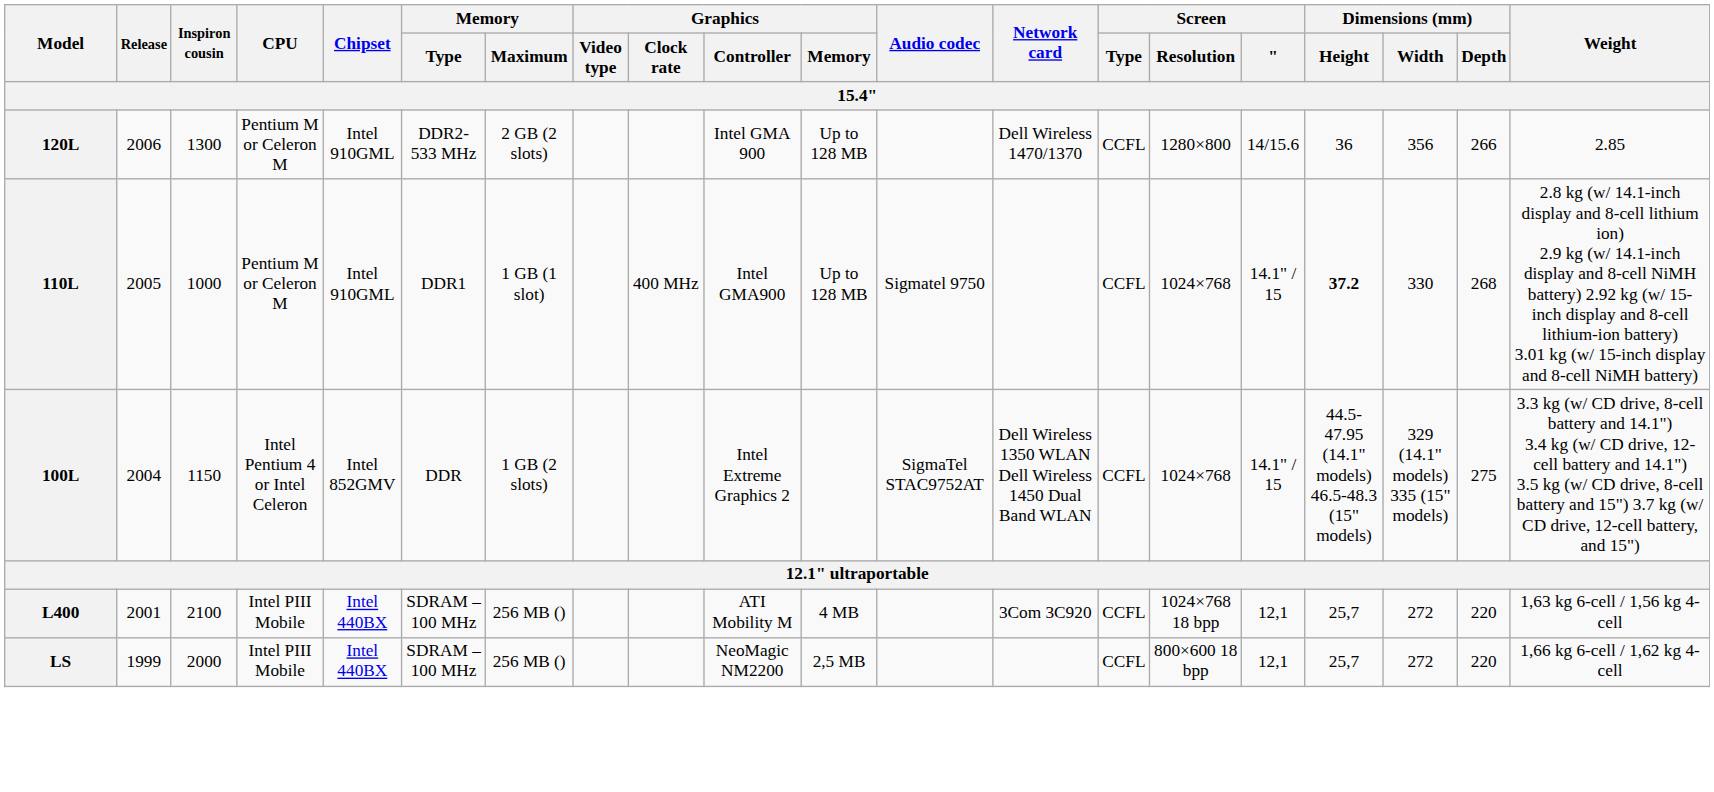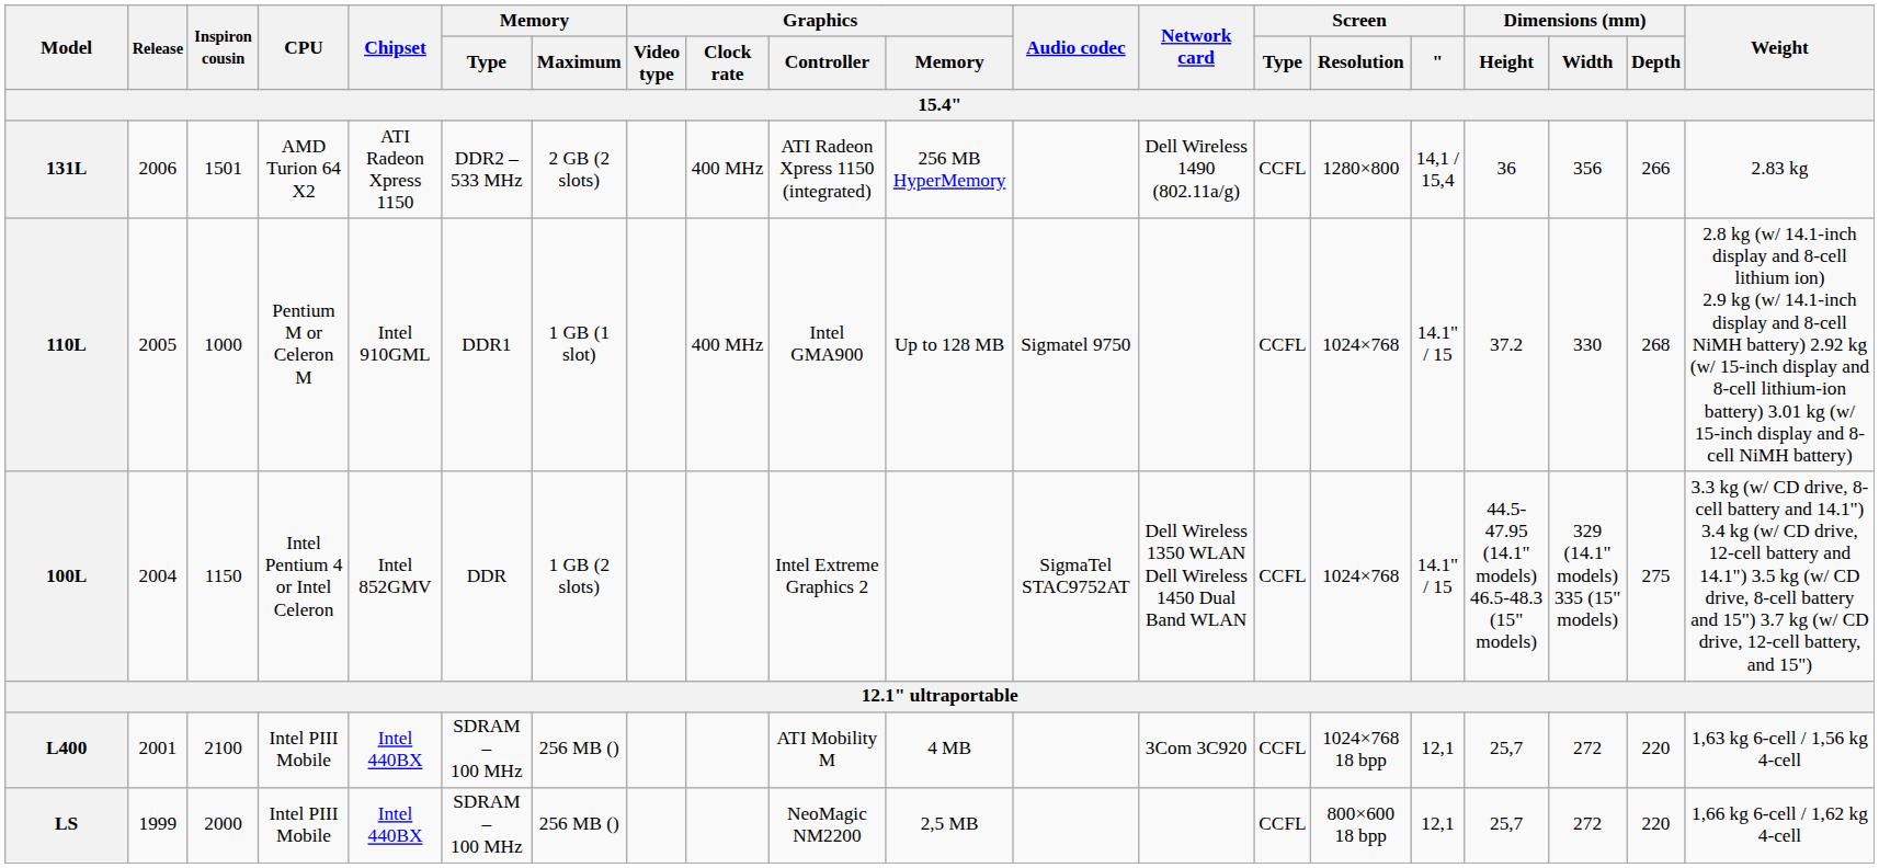 <table class="wikitable" style="font-size: 80%; text-align: center; width: 100%;">
 <tr>
 <th rowspan=2 style="width:6em">Model</th>
 <th rowspan=2><small>Release</small></th>
 <th rowspan=2><small>Inspiron cousin</small></th>
 <th rowspan=2>CPU</th>
 <th rowspan=2><a href='#'>Chipset</a></th>
 <th colspan=2>Memory</th>
 <th colspan=4>Graphics</th>
 <th rowspan=2><a href='#'>Audio codec</a></th>
 <th rowspan=2><a href='#'>Network card</a></th>
 <th colspan=3>Screen</th>
 <th colspan="3">Dimensions (mm)</th>
 <th rowspan="2">Weight</th>
 </tr>
 <tr>
 <th>Type</th>
 <th>Maximum</th>
 <th>Video type</th>
 <th>Clock rate</th>
 <th>Controller</th>
 <th>Memory</th>
 <th>Type</th>
 <th>Resolution</th>
 <th>"</th>
 <th>Height</th>
 <th>Width</th>
 <th>Depth</th>
 </tr>
 <tr>
 <th colspan="20">15.4"</th>
 </tr>
 <tr>
-<th>120L</th>
+<th>131L</th>
 <td>2006</td>
-<td>1300</td>
-<td>Pentium M or Celeron M</td>
-<td>Intel 910GML</td>
-<td>DDR2-533 MHz</td>
+<td>1501</td>
+<td>AMD Turion 64 X2</td>
+<td>ATI Radeon Xpress 1150</td>
+<td>DDR2 – 533 MHz</td>
 <td>2 GB (2 slots)</td>
 <td></td>
+<td>400 MHz</td>
+<td>ATI Radeon Xpress 1150 (integrated)</td>
+<td>256 MB <a href='#'>HyperMemory</a></td>
 <td></td>
-<td>Intel GMA 900</td>
-<td>Up to 128 MB</td>
-<td></td>
-<td>Dell Wireless 1470/1370</td>
+<td>Dell Wireless 1490 (802.11a/g)</td>
 <td>CCFL</td>
 <td>1280×800</td>
-<td>14/15.6</td>
+<td>14,1 / 15,4</td>
 <td>36</td>
 <td>356</td>
 <td>266</td>
-<td>2.85</td>
+<td>2.83 kg</td>
 </tr>
 <tr>
 <th>110L</th>
 <td>2005</td>
 <td>1000</td>
 <td>Pentium M or Celeron M</td>
 <td>Intel 910GML</td>
 <td>DDR1</td>
 <td>1 GB (1 slot)</td>
 <td></td>
 <td>400 MHz</td>
 <td>Intel GMA900</td>
 <td>Up to 128 MB</td>
 <td>Sigmatel 9750</td>
 <td></td>
 <td>CCFL</td>
 <td>1024×768</td>
 <td>14.1" / 15</td>
-<td><strong>37.2</strong></td>
+<td>37.2</td>
 <td>330</td>
 <td>268</td>
 <td>2.8 kg (w/ 14.1-inch display and 8-cell lithium ion)<br>2.9 kg (w/ 14.1-inch display and 8-cell NiMH battery) 2.92 kg (w/ 15-inch display and 8-cell lithium-ion battery) 3.01 kg (w/ 15-inch display and 8-cell NiMH battery)</td>
 </tr>
 <tr>
 <th>100L</th>
 <td>2004</td>
 <td>1150</td>
 <td>Intel Pentium 4 or Intel Celeron</td>
 <td>Intel 852GMV</td>
 <td>DDR</td>
 <td>1 GB (2 slots)</td>
 <td></td>
 <td></td>
 <td>Intel Extreme Graphics 2</td>
 <td></td>
 <td>SigmaTel STAC9752AT</td>
 <td>Dell Wireless 1350 WLAN<br>Dell Wireless 1450 Dual Band WLAN</td>
 <td>CCFL</td>
 <td>1024×768</td>
 <td>14.1" / 15</td>
 <td>44.5-47.95 (14.1" models)<br>46.5-48.3 (15" models)</td>
 <td>329 (14.1" models)<br>335 (15" models)</td>
 <td>275</td>
 <td>3.3 kg (w/ CD drive, 8-cell battery and 14.1")<br>3.4 kg (w/ CD drive, 12-cell battery and 14.1") 3.5 kg (w/ CD drive, 8-cell battery and 15") 3.7 kg (w/ CD drive, 12-cell battery, and 15")</td>
 </tr>
 <tr>
 <th colspan="20">12.1" ultraportable</th>
 </tr>
 <tr>
 <th>L400</th>
 <td>2001</td>
 <td>2100</td>
 <td>Intel PIII Mobile</td>
 <td><a href='#'>Intel 440BX</a></td>
 <td>SDRAM – 100 MHz</td>
 <td>256 MB ()</td>
 <td></td>
 <td></td>
 <td>ATI Mobility M</td>
 <td>4 MB</td>
 <td></td>
 <td>3Com 3C920</td>
 <td>CCFL</td>
 <td>1024×768 18 bpp</td>
 <td>12,1</td>
 <td>25,7</td>
 <td>272</td>
 <td>220</td>
 <td>1,63 kg 6-cell / 1,56 kg 4-cell</td>
 </tr>
 <tr>
 <th>LS</th>
 <td>1999</td>
 <td>2000</td>
 <td>Intel PIII Mobile</td>
 <td><a href='#'>Intel 440BX</a></td>
 <td>SDRAM – 100 MHz</td>
 <td>256 MB ()</td>
 <td></td>
 <td></td>
 <td>NeoMagic NM2200</td>
 <td>2,5 MB</td>
 <td></td>
 <td></td>
 <td>CCFL</td>
 <td>800×600 18 bpp</td>
 <td>12,1</td>
 <td>25,7</td>
 <td>272</td>
 <td>220</td>
 <td>1,66 kg 6-cell / 1,62 kg 4-cell</td>
 </tr>
 </table>
